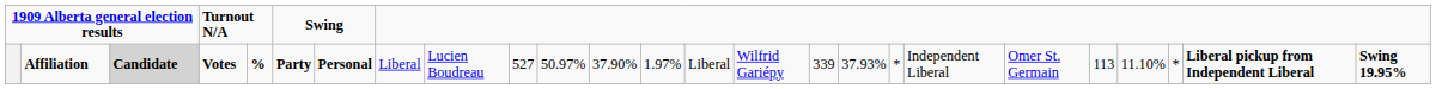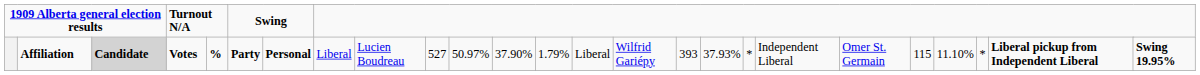 <table class="wikitable">
 <tr>
 <td colspan="3" align=center><strong><a href='#'>1909 Alberta general election</a> results</strong></td>
 <td colspan="2"><strong>Turnout N/A</strong></td>
 <td colspan="2" align=center><strong>Swing</strong></td>
 </tr>
 <tr>
 <th style="width: 10px;"></th>
 <td><strong>Affiliation</strong></td>
 <td style="background: lightgrey;"><strong>Candidate</strong></td>
 <td><strong>Votes</strong></td>
 <td><strong>%</strong></td>
 <td><strong>Party</strong></td>
 <td><strong>Personal</strong><br></td>
 <td><a href='#'>Liberal</a></td>
 <td><a href='#'>Lucien Boudreau</a></td>
 <td>527</td>
 <td>50.97%</td>
 <td rowspan=2>37.90%</td>
-<td>1.97%<br></td>
+<td>1.79%<br></td>
 <td>Liberal</td>
 <td><a href='#'>Wilfrid Gariépy</a></td>
-<td>339</td>
+<td>393</td>
 <td>37.93%</td>
 <td align=center>*<br></td>
 <td>Independent Liberal</td>
 <td><a href='#'>Omer St. Germain</a></td>
-<td>113</td>
+<td>115</td>
 <td>11.10%</td>
 <td colspan=2 align=center>*<br>   </td>
 <td colspan=4><strong>Liberal pickup from Independent Liberal</strong></td>
 <td colspan=2><strong>Swing 19.95%</strong></td>
 </tr>
 </table>
